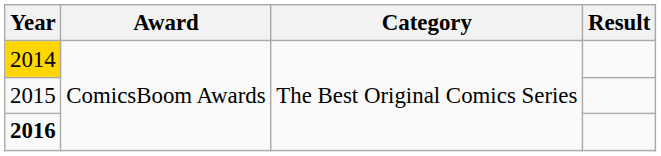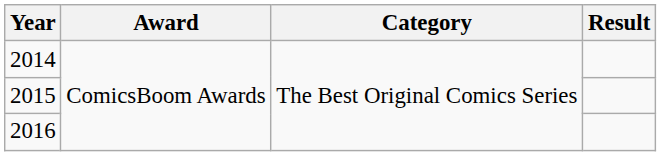 <table class="wikitable sortable">
 <tr>
 <th>Year</th>
 <th>Award</th>
 <th>Category</th>
 <th>Result</th>
 </tr>
 <tr>
-<td style="background: gold;">2014</td>
+<td>2014</td>
 <td rowspan="3">ComicsBoom Awards</td>
 <td rowspan="3">The Best Original Comics Series</td>
 <td></td>
 </tr>
 <tr>
 <td>2015</td>
 <td></td>
 </tr>
 <tr>
-<td><strong>2016</strong></td>
+<td>2016</td>
 <td></td>
 </tr>
 </table>
